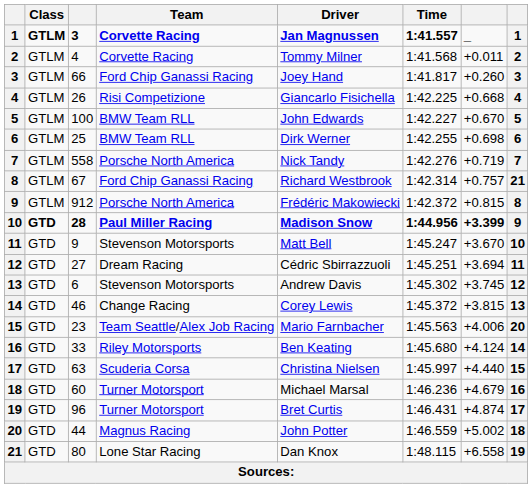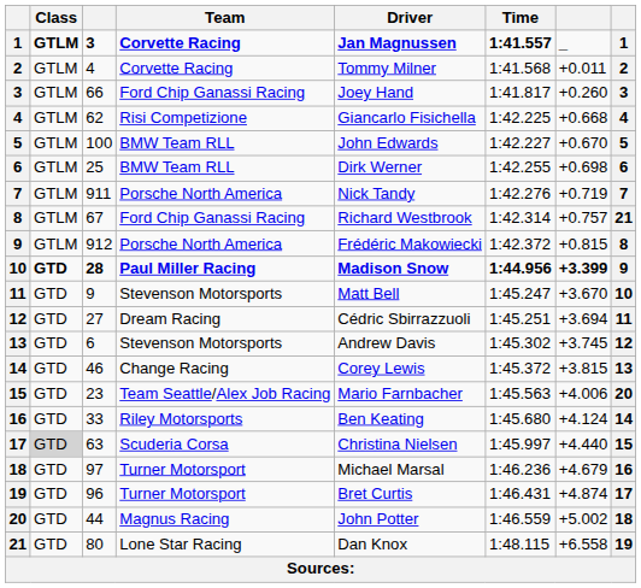 <table class="wikitable">
 <tr>
 <th></th>
 <th>Class</th>
 <th></th>
 <th>Team</th>
 <th>Driver</th>
 <th>Time</th>
 <th></th>
 <th></th>
 </tr>
 <tr style="font-weight:bold">
 <th>1</th>
 <td>GTLM</td>
 <td>3</td>
 <td> <a href='#'>Corvette Racing</a></td>
 <td> <a href='#'>Jan Magnussen</a></td>
 <td>1:41.557</td>
 <td>_</td>
 <th>1</th>
 </tr>
 <tr>
 <th>2</th>
 <td>GTLM</td>
 <td>4</td>
 <td> <a href='#'>Corvette Racing</a></td>
 <td> <a href='#'>Tommy Milner</a></td>
 <td>1:41.568</td>
 <td>+0.011</td>
 <th>2</th>
 </tr>
 <tr>
 <th>3</th>
 <td>GTLM</td>
 <td>66</td>
 <td> <a href='#'>Ford Chip Ganassi Racing</a></td>
 <td> <a href='#'>Joey Hand</a></td>
 <td>1:41.817</td>
 <td>+0.260</td>
 <th>3</th>
 </tr>
 <tr>
 <th>4</th>
 <td>GTLM</td>
-<td>26</td>
+<td>62</td>
 <td> <a href='#'>Risi Competizione</a></td>
 <td> <a href='#'>Giancarlo Fisichella</a></td>
 <td>1:42.225</td>
 <td>+0.668</td>
 <th>4</th>
 </tr>
 <tr>
 <th>5</th>
 <td>GTLM</td>
 <td>100</td>
 <td> <a href='#'>BMW Team RLL</a></td>
 <td> <a href='#'>John Edwards</a></td>
 <td>1:42.227</td>
 <td>+0.670</td>
 <th>5</th>
 </tr>
 <tr>
 <th>6</th>
 <td>GTLM</td>
 <td>25</td>
 <td> <a href='#'>BMW Team RLL</a></td>
 <td> <a href='#'>Dirk Werner</a></td>
 <td>1:42.255</td>
 <td>+0.698</td>
 <th>6</th>
 </tr>
 <tr>
 <th>7</th>
 <td>GTLM</td>
-<td>558</td>
+<td>911</td>
 <td> <a href='#'>Porsche North America</a></td>
 <td> <a href='#'>Nick Tandy</a></td>
 <td>1:42.276</td>
 <td>+0.719</td>
 <th>7</th>
 </tr>
 <tr>
 <th>8</th>
 <td>GTLM</td>
 <td>67</td>
 <td> <a href='#'>Ford Chip Ganassi Racing</a></td>
 <td> <a href='#'>Richard Westbrook</a></td>
 <td>1:42.314</td>
 <td>+0.757</td>
 <th>21</th>
 </tr>
 <tr>
 <th>9</th>
 <td>GTLM</td>
 <td>912</td>
 <td> <a href='#'>Porsche North America</a></td>
 <td> <a href='#'>Frédéric Makowiecki</a></td>
 <td>1:42.372</td>
 <td>+0.815</td>
 <th>8</th>
 </tr>
 <tr style="font-weight:bold">
 <th>10</th>
 <td>GTD</td>
 <td>28</td>
 <td> <a href='#'>Paul Miller Racing</a></td>
 <td> <a href='#'>Madison Snow</a></td>
 <td>1:44.956</td>
 <td>+3.399</td>
 <th>9</th>
 </tr>
 <tr>
 <th>11</th>
 <td>GTD</td>
 <td>9</td>
 <td> Stevenson Motorsports</td>
 <td> <a href='#'>Matt Bell</a></td>
 <td>1:45.247</td>
 <td>+3.670</td>
 <th>10</th>
 </tr>
 <tr>
 <th>12</th>
 <td>GTD</td>
 <td>27</td>
 <td> Dream Racing</td>
 <td> Cédric Sbirrazzuoli</td>
 <td>1:45.251</td>
 <td>+3.694</td>
 <th>11</th>
 </tr>
 <tr>
 <th>13</th>
 <td>GTD</td>
 <td>6</td>
 <td> Stevenson Motorsports</td>
 <td> Andrew Davis</td>
 <td>1:45.302</td>
 <td>+3.745</td>
 <th>12</th>
 </tr>
 <tr>
 <th>14</th>
 <td>GTD</td>
 <td>46</td>
 <td> Change Racing</td>
 <td> <a href='#'>Corey Lewis</a></td>
 <td>1:45.372</td>
 <td>+3.815</td>
 <th>13</th>
 </tr>
 <tr>
 <th>15</th>
 <td>GTD</td>
 <td>23</td>
 <td> <a href='#'>Team Seattle</a>/<a href='#'>Alex Job Racing</a></td>
 <td> <a href='#'>Mario Farnbacher</a></td>
 <td>1:45.563</td>
 <td>+4.006</td>
 <th>20</th>
 </tr>
 <tr>
 <th>16</th>
 <td>GTD</td>
 <td>33</td>
 <td> <a href='#'>Riley Motorsports</a></td>
 <td> <a href='#'>Ben Keating</a></td>
 <td>1:45.680</td>
 <td>+4.124</td>
 <th>14</th>
 </tr>
 <tr>
 <th>17</th>
-<td>GTD</td>
+<td style="background: lightgrey;">GTD</td>
 <td>63</td>
 <td> <a href='#'>Scuderia Corsa</a></td>
 <td> <a href='#'>Christina Nielsen</a></td>
 <td>1:45.997</td>
 <td>+4.440</td>
 <th>15</th>
 </tr>
 <tr>
 <th>18</th>
 <td>GTD</td>
-<td>60</td>
+<td>97</td>
 <td> <a href='#'>Turner Motorsport</a></td>
 <td> Michael Marsal</td>
 <td>1:46.236</td>
 <td>+4.679</td>
 <th>16</th>
 </tr>
 <tr>
 <th>19</th>
 <td>GTD</td>
 <td>96</td>
 <td> <a href='#'>Turner Motorsport</a></td>
 <td> <a href='#'>Bret Curtis</a></td>
 <td>1:46.431</td>
 <td>+4.874</td>
 <th>17</th>
 </tr>
 <tr>
 <th>20</th>
 <td>GTD</td>
 <td>44</td>
 <td> <a href='#'>Magnus Racing</a></td>
 <td> <a href='#'>John Potter</a></td>
 <td>1:46.559</td>
 <td>+5.002</td>
 <th>18</th>
 </tr>
 <tr>
 <th>21</th>
 <td>GTD</td>
 <td>80</td>
 <td> Lone Star Racing</td>
 <td> Dan Knox</td>
 <td>1:48.115</td>
 <td>+6.558</td>
 <th>19</th>
 </tr>
 <tr>
 <th colspan="8">Sources:</th>
 </tr>
 </table>
